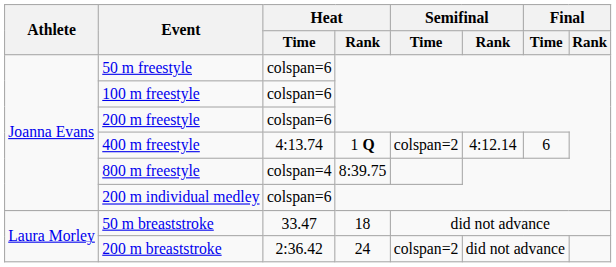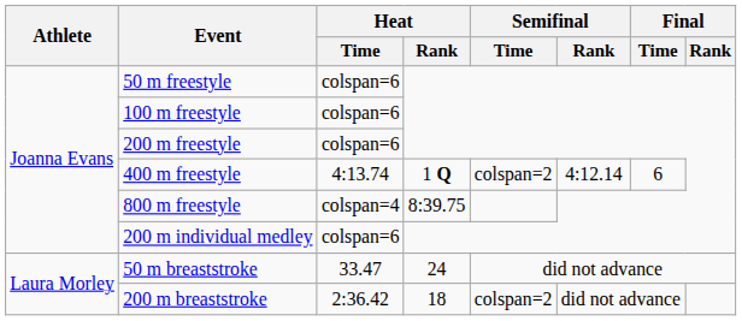 <table class=wikitable style="font-size:90%">
 <tr>
 <th rowspan=2>Athlete</th>
 <th rowspan=2>Event</th>
 <th colspan="2">Heat</th>
 <th colspan="2">Semifinal</th>
 <th colspan="2">Final</th>
 </tr>
 <tr style="font-size:95%">
 <th>Time</th>
 <th>Rank</th>
 <th>Time</th>
 <th>Rank</th>
 <th>Time</th>
 <th>Rank</th>
 </tr>
 <tr align=center>
 <td align=left rowspan=6><a href='#'>Joanna Evans</a></td>
 <td align=left><a href='#'>50 m freestyle</a></td>
 <td>colspan=6 </td>
 </tr>
 <tr align=center>
 <td align=left><a href='#'>100 m freestyle</a></td>
 <td>colspan=6 </td>
 </tr>
 <tr align=center>
 <td align=left><a href='#'>200 m freestyle</a></td>
 <td>colspan=6 </td>
 </tr>
 <tr align=center>
 <td align=left><a href='#'>400 m freestyle</a></td>
 <td>4:13.74</td>
 <td>1 <strong>Q</strong></td>
 <td>colspan=2 </td>
 <td>4:12.14</td>
 <td>6</td>
 </tr>
 <tr align=center>
 <td align=left><a href='#'>800 m freestyle</a></td>
 <td>colspan=4 </td>
 <td>8:39.75</td>
 <td></td>
 </tr>
 <tr align=center>
 <td align=left><a href='#'>200 m individual medley</a></td>
 <td>colspan=6 </td>
 </tr>
 <tr align=center>
 <td align=left rowspan=2><a href='#'>Laura Morley</a></td>
 <td align=left><a href='#'>50 m breaststroke</a></td>
 <td>33.47</td>
-<td>18</td>
+<td>24</td>
 <td colspan=4>did not advance</td>
 </tr>
 <tr align=center>
 <td align=left><a href='#'>200 m breaststroke</a></td>
 <td>2:36.42</td>
-<td>24</td>
+<td>18</td>
 <td>colspan=2 </td>
 <td colspan=2>did not advance</td>
 </tr>
 </table>
